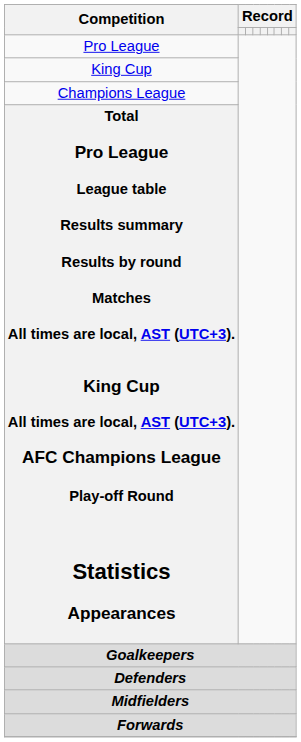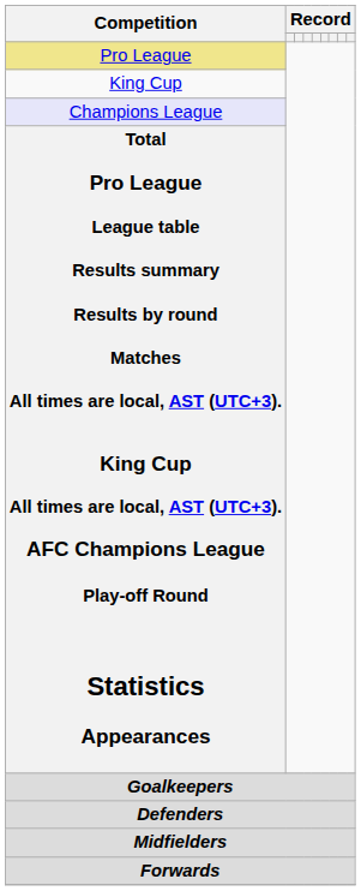 <table class="wikitable" style="text-align: center">
 <tr>
 <th rowspan=2>Competition</th>
 <th colspan=8>Record</th>
 </tr>
 <tr>
 <th></th>
 <th></th>
 <th></th>
 <th></th>
 <th></th>
 <th></th>
 <th></th>
 <th></th>
 </tr>
 <tr>
-<td><a href='#'>Pro League</a><br></td>
+<td style="background: khaki;"><a href='#'>Pro League</a><br></td>
 </tr>
 <tr>
 <td><a href='#'>King Cup</a><br></td>
 </tr>
 <tr>
-<td><a href='#'>Champions League</a><br></td>
+<td style="background: lavender;"><a href='#'>Champions League</a><br></td>
 </tr>
 <tr>
 <th>Total<br> <h3>Pro League</h3><h4>League table</h4><h4>Results summary</h4> <h4>Results by round</h4><h4>Matches</h4>All times are local, <a href='#'>AST</a> (<a href='#'>UTC+3</a>).<br>   <br>                             <h3>King Cup</h3> All times are local, <a href='#'>AST</a> (<a href='#'>UTC+3</a>).<br><h3>AFC Champions League</h3><h4>Play-off Round</h4><br><h2>Statistics</h2><h3>Appearances</h3></th>
 </tr>
 <tr>
 <th colspan=12 style=background:#dcdcdc; text-align:center><em>Goalkeepers</em><br>  </th>
 </tr>
 <tr>
 <th colspan=12 style=background:#dcdcdc; text-align:center><em>Defenders</em><br>         </th>
 </tr>
 <tr>
 <th colspan=12 style=background:#dcdcdc; text-align:center><em>Midfielders</em><br>              </th>
 </tr>
 <tr>
 <th colspan=12 style=background:#dcdcdc; text-align:center><em>Forwards</em><br>   </th>
 </tr>
 <tr>
 </tr>
 </table>
